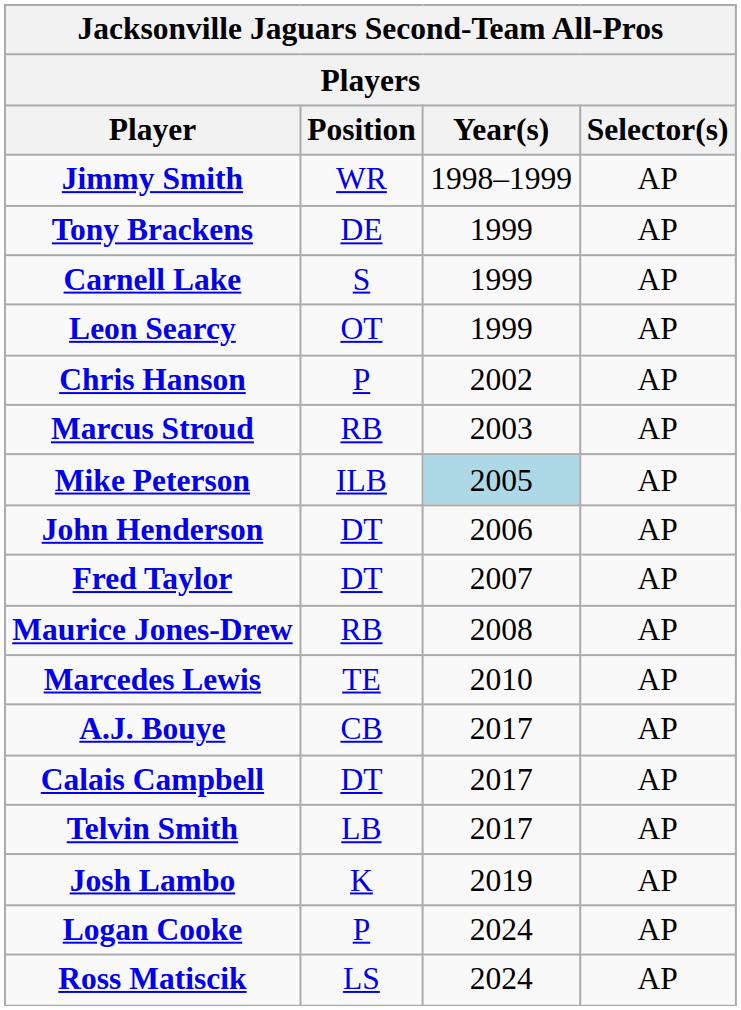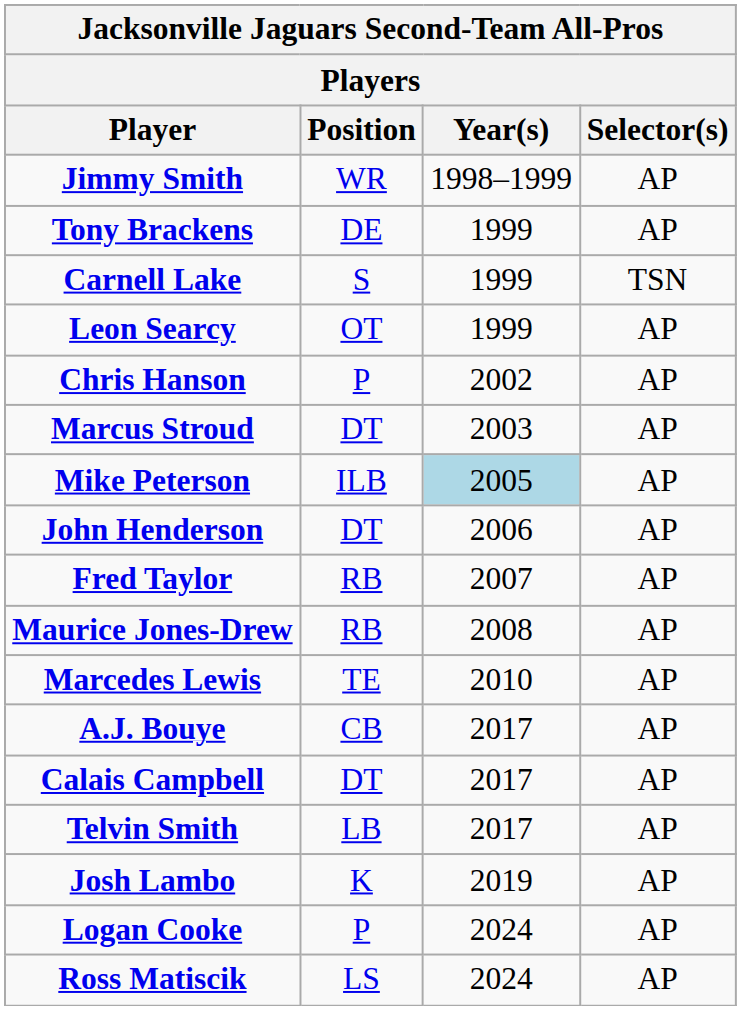 <table class="wikitable sortable" style="text-align:center;">
 <tr>
 <th colspan="4">Jacksonville Jaguars Second-Team All-Pros</th>
 </tr>
 <tr>
 <th colspan="4">Players</th>
 </tr>
 <tr>
 <th>Player</th>
 <th>Position</th>
 <th>Year(s)</th>
 <th>Selector(s)</th>
 </tr>
 <tr>
 <td><strong><a href='#'>Jimmy Smith</a></strong></td>
 <td><a href='#'>WR</a></td>
 <td>1998–1999</td>
 <td>AP</td>
 </tr>
 <tr>
 <td><strong><a href='#'>Tony Brackens</a></strong></td>
 <td><a href='#'>DE</a></td>
 <td>1999</td>
 <td>AP</td>
 </tr>
 <tr>
 <td><strong><a href='#'>Carnell Lake</a></strong></td>
 <td><a href='#'>S</a></td>
 <td>1999</td>
-<td>AP</td>
+<td>TSN</td>
 </tr>
 <tr>
 <td><strong><a href='#'>Leon Searcy</a></strong></td>
 <td><a href='#'>OT</a></td>
 <td>1999</td>
 <td>AP</td>
 </tr>
 <tr>
 <td><strong><a href='#'>Chris Hanson</a></strong></td>
 <td><a href='#'>P</a></td>
 <td>2002</td>
 <td>AP</td>
 </tr>
 <tr>
 <td><strong><a href='#'>Marcus Stroud</a></strong></td>
-<td><a href='#'>RB</a></td>
+<td><a href='#'>DT</a></td>
 <td>2003</td>
 <td>AP</td>
 </tr>
 <tr>
 <td><strong><a href='#'>Mike Peterson</a></strong></td>
 <td><a href='#'>ILB</a></td>
 <td style="background: lightblue;">2005</td>
 <td>AP</td>
 </tr>
 <tr>
 <td><strong><a href='#'>John Henderson</a></strong></td>
 <td><a href='#'>DT</a></td>
 <td>2006</td>
 <td>AP</td>
 </tr>
 <tr>
 <td><strong><a href='#'>Fred Taylor</a></strong></td>
-<td><a href='#'>DT</a></td>
+<td><a href='#'>RB</a></td>
 <td>2007</td>
 <td>AP</td>
 </tr>
 <tr>
 <td><strong><a href='#'>Maurice Jones-Drew</a></strong></td>
 <td><a href='#'>RB</a></td>
 <td>2008</td>
 <td>AP</td>
 </tr>
 <tr>
 <td><strong><a href='#'>Marcedes Lewis</a></strong></td>
 <td><a href='#'>TE</a></td>
 <td>2010</td>
 <td>AP</td>
 </tr>
 <tr>
 <td><strong><a href='#'>A.J. Bouye</a></strong></td>
 <td><a href='#'>CB</a></td>
 <td>2017</td>
 <td>AP</td>
 </tr>
 <tr>
 <td><strong><a href='#'>Calais Campbell</a></strong></td>
 <td><a href='#'>DT</a></td>
 <td>2017</td>
 <td>AP</td>
 </tr>
 <tr>
 <td><strong><a href='#'>Telvin Smith</a></strong></td>
 <td><a href='#'>LB</a></td>
 <td>2017</td>
 <td>AP</td>
 </tr>
 <tr>
 <td><strong><a href='#'>Josh Lambo</a></strong></td>
 <td><a href='#'>K</a></td>
 <td>2019</td>
 <td>AP</td>
 </tr>
 <tr>
 <td><strong><a href='#'>Logan Cooke</a></strong></td>
 <td><a href='#'>P</a></td>
 <td>2024</td>
 <td>AP</td>
 </tr>
 <tr>
 <td><strong><a href='#'>Ross Matiscik</a></strong></td>
 <td><a href='#'>LS</a></td>
 <td>2024</td>
 <td>AP</td>
 </tr>
 </table>
